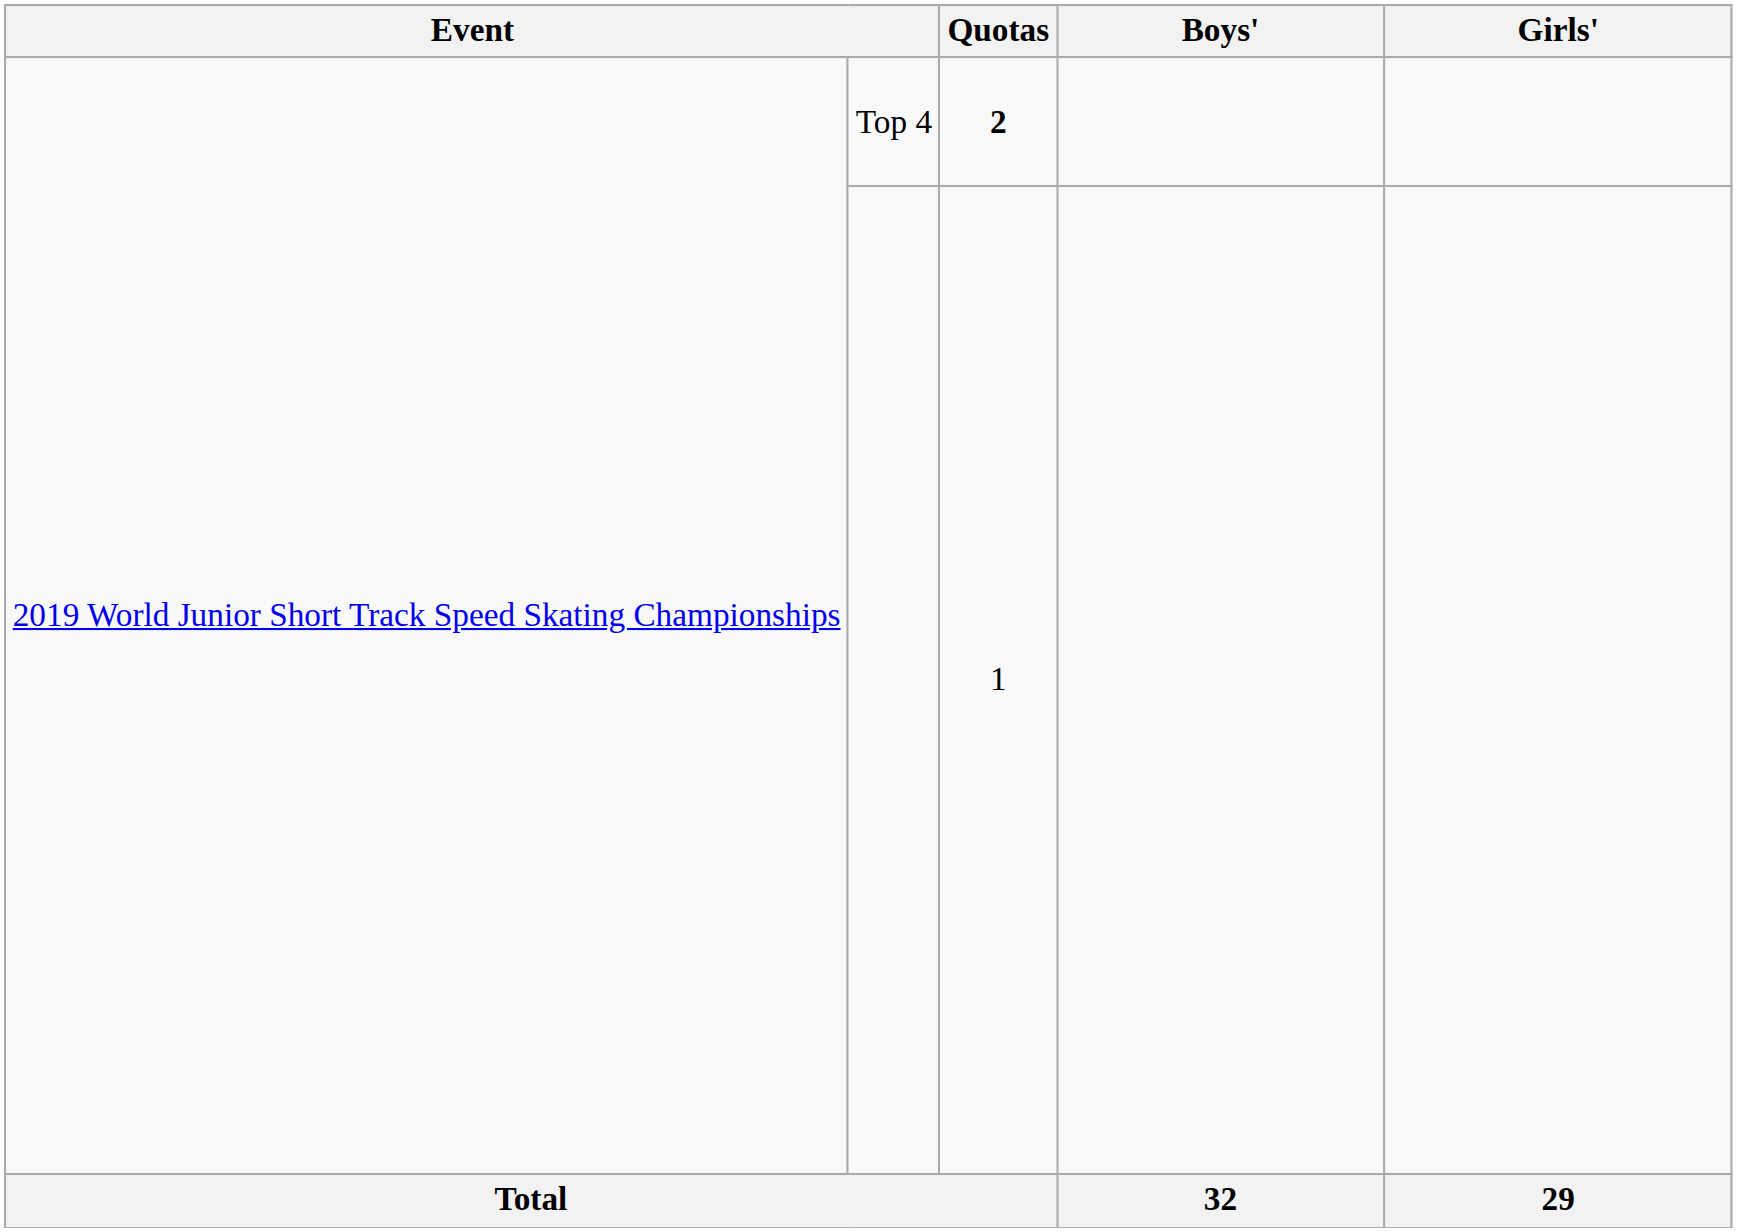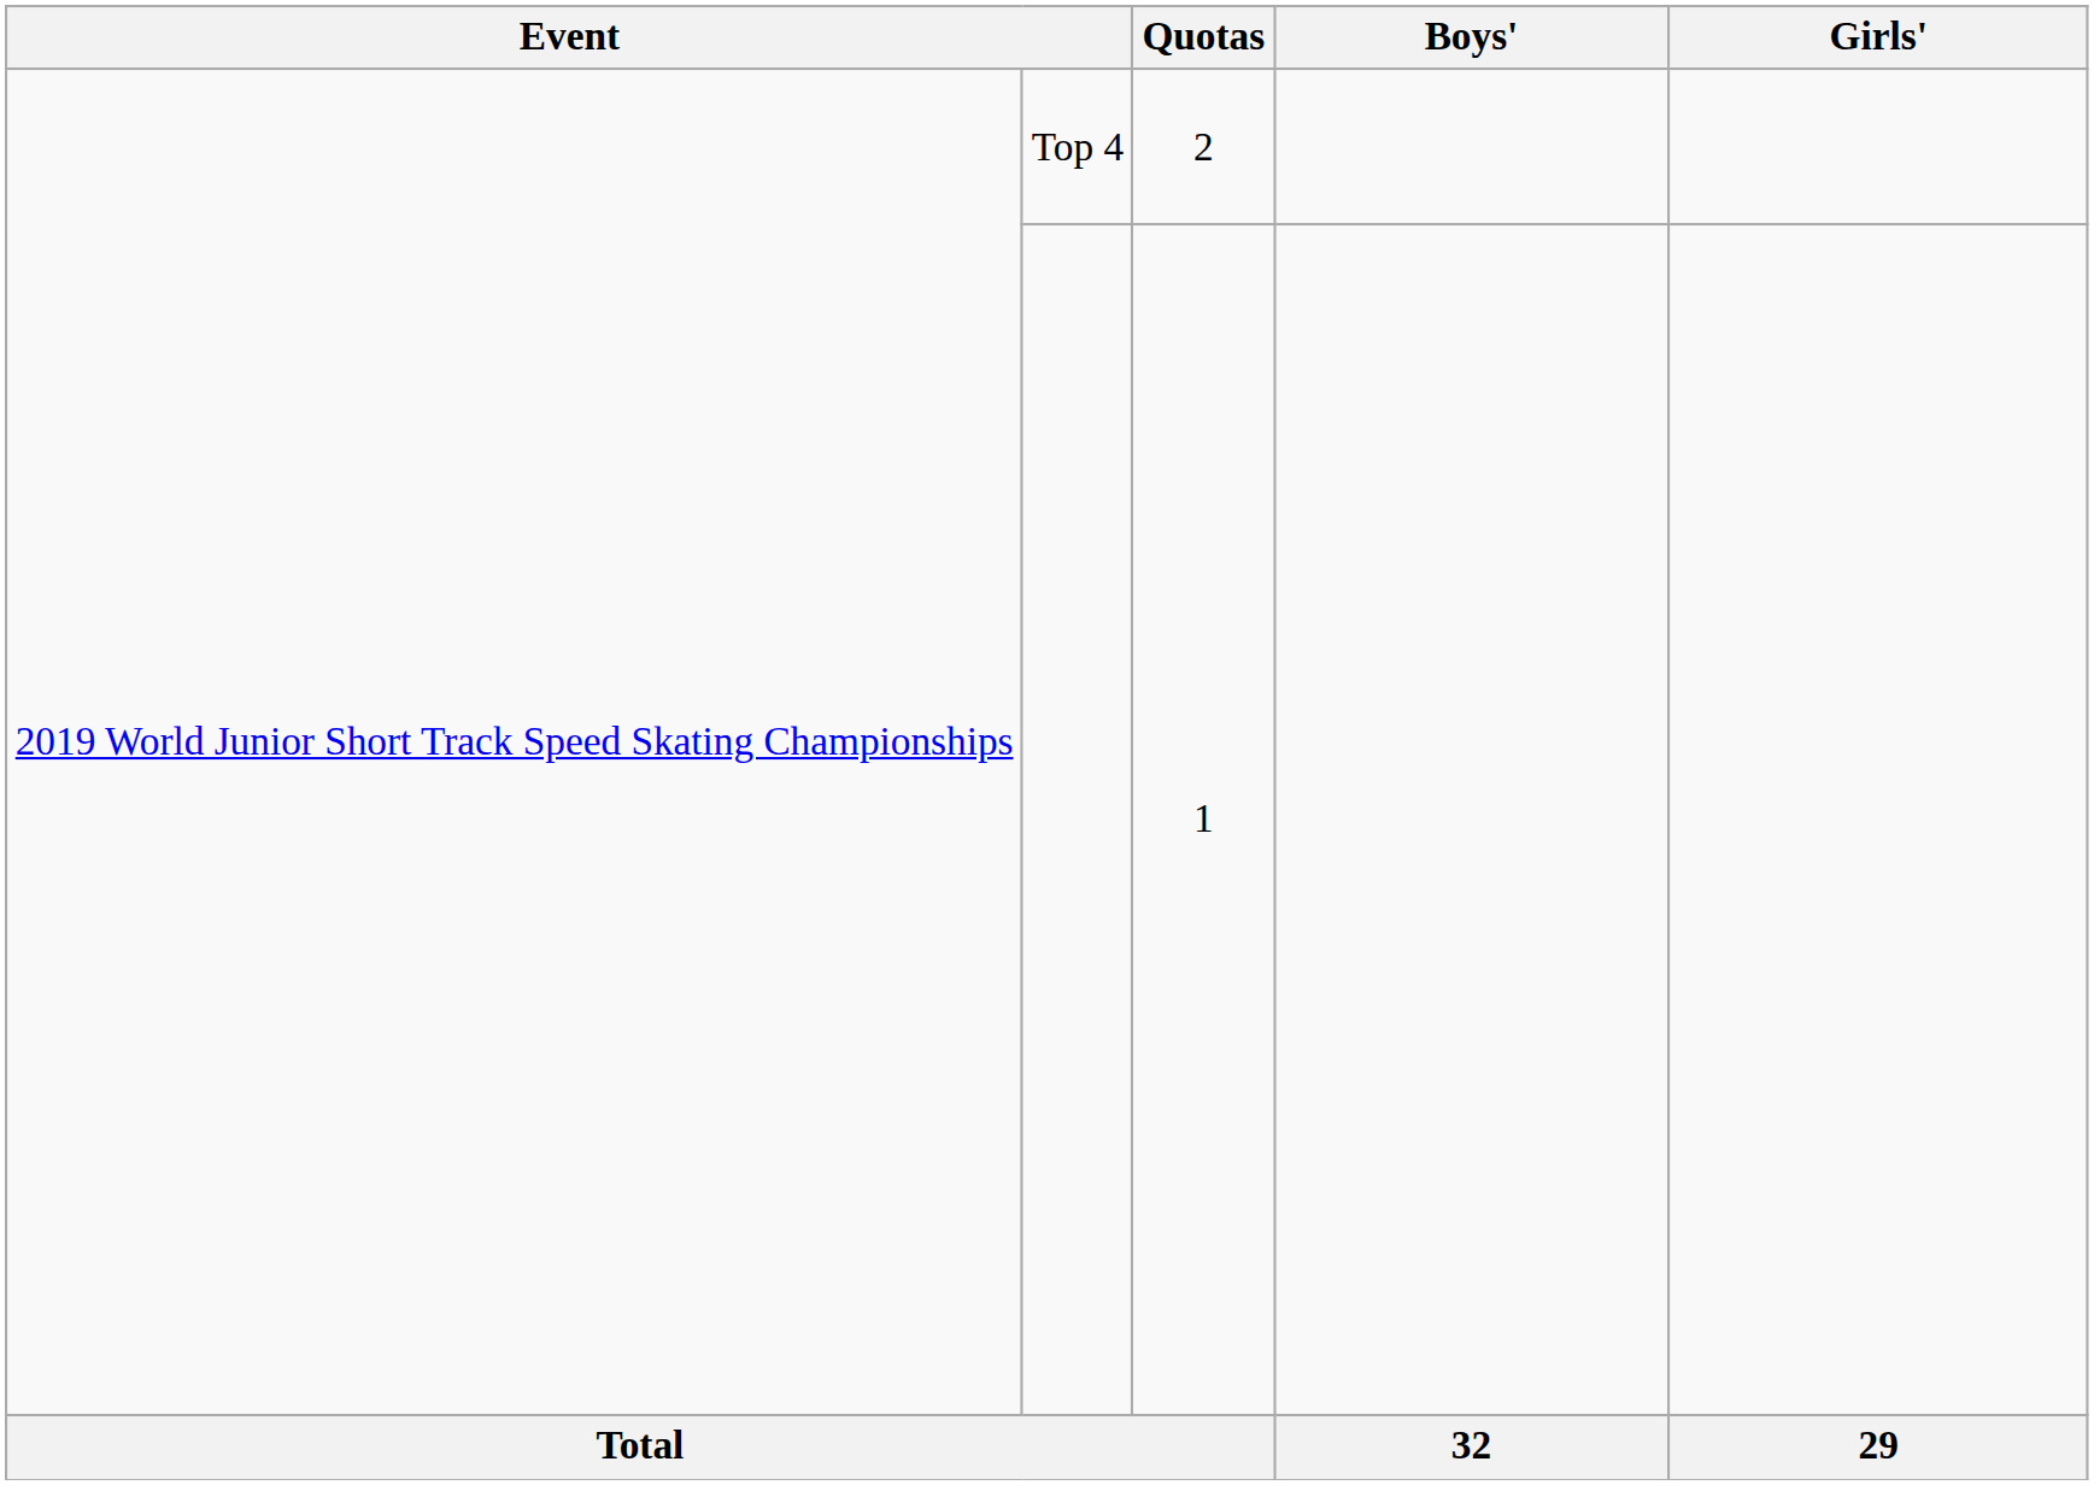 <table class="wikitable">
 <tr>
 <th colspan="2">Event</th>
 <th>Quotas</th>
 <th width=150>Boys'</th>
 <th width=160>Girls'</th>
 </tr>
 <tr>
 <td rowspan="2"><a href='#'>2019 World Junior Short Track Speed Skating Championships</a></td>
 <td align="center">Top 4</td>
-<td align="center"><strong>2</strong></td>
+<td align="center">2</td>
 <td><br><br><br></td>
 <td><br><br><br></td>
 </tr>
 <tr>
 <td></td>
 <td align="center">1</td>
 <td><br><br><br><br><br><br><br><br><br><br><br><br><br><s></s><br><br><br><br><br><br><s></s><br><br><br><br><br><br><br></td>
 <td><s></s><br><br><br><br><br><br><br><br><br><br><br><br><br><br><br><br><br><br><br><s><br></s><br><br><br></td>
 </tr>
 <tr>
 <th colspan="3">Total</th>
 <th>32</th>
 <th>29</th>
 </tr>
 </table>
